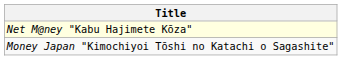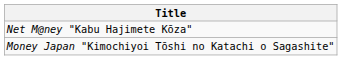 <table class="wikitable">
 <tr>
 <th>Title</th>
 </tr>
 <tr>
-<td style="background: lightyellow;"><em>Net M@ney</em> "Kabu Hajimete Kōza"</td>
+<td><em>Net M@ney</em> "Kabu Hajimete Kōza"</td>
 </tr>
 <tr>
 <td><em>Money Japan</em> "Kimochiyoi Tōshi no Katachi o Sagashite"</td>
 </tr>
 </table>
